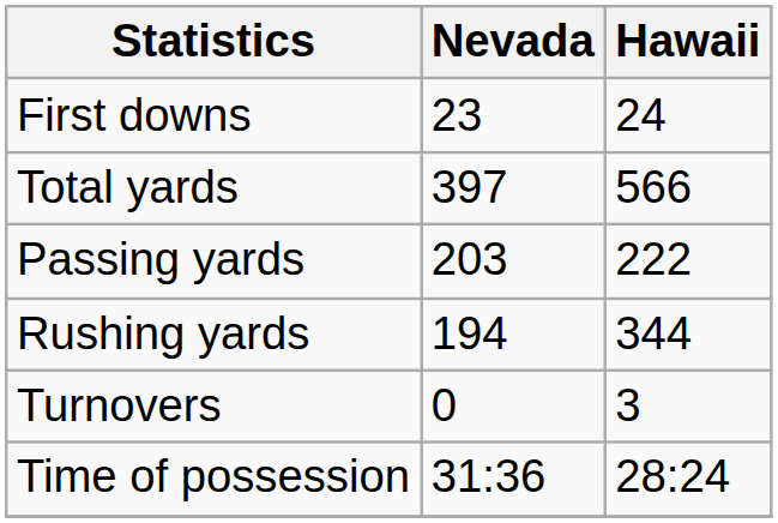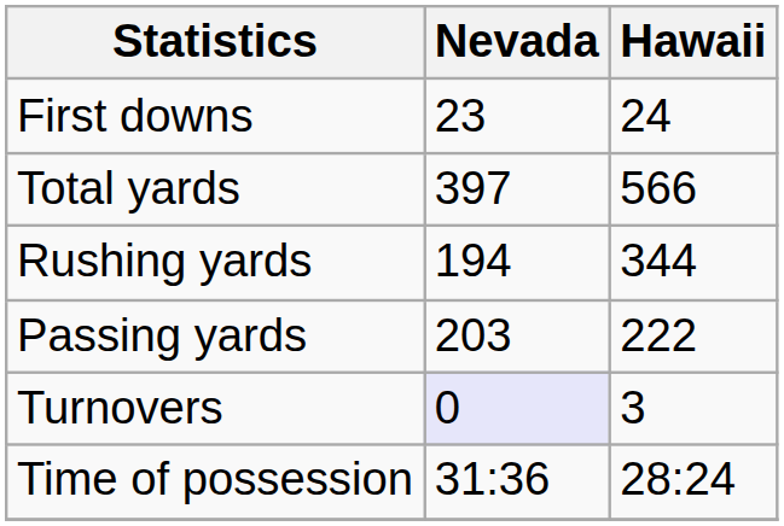 <table class="wikitable">
 <tr>
 <th>Statistics</th>
 <th>Nevada</th>
 <th>Hawaii</th>
 </tr>
 <tr>
 <td>First downs</td>
 <td>23</td>
 <td>24</td>
 </tr>
 <tr>
 <td>Total yards</td>
 <td>397</td>
 <td>566</td>
 </tr>
 <tr>
+<td>Rushing yards</td>
+<td>194</td>
+<td>344</td>
+</tr>
+<tr>
 <td>Passing yards</td>
 <td>203</td>
 <td>222</td>
 </tr>
 <tr>
-<td>Rushing yards</td>
-<td>194</td>
-<td>344</td>
-</tr>
-<tr>
 <td>Turnovers</td>
-<td>0</td>
+<td style="background: lavender;">0</td>
 <td>3</td>
 </tr>
 <tr>
 <td>Time of possession</td>
 <td>31:36</td>
 <td>28:24</td>
 </tr>
 <tr>
 </tr>
 </table>
